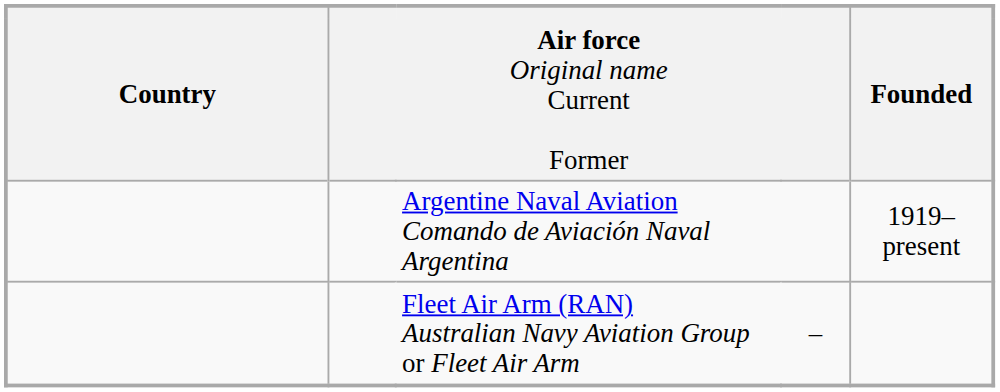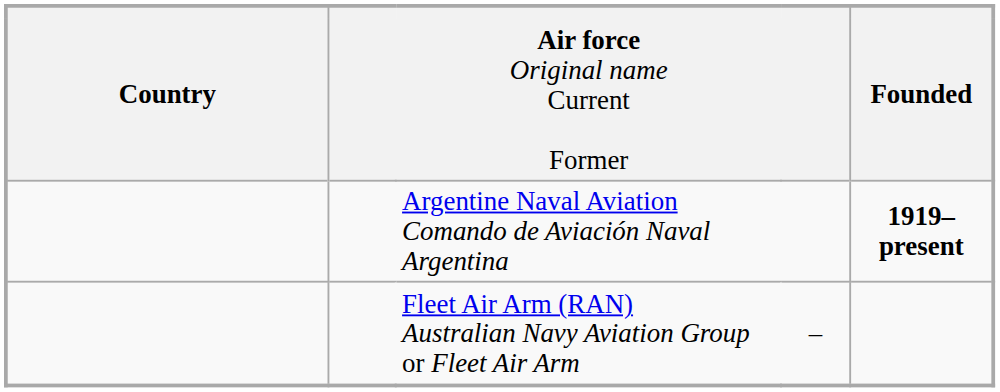 <table width="85%" class="wikitable" style="border:2px solid darkgrey; line-height:12pt; font-size:90%;">
 <tr>
 <th rowspan="2" style="width:165px; border-bottom:none;">Country</th>
 <th style="width:30px; border-bottom:none; border-right:none;"></th>
 <th style="border-bottom:none; border-left:none; border-right:none;"></th>
 <th style="width:30px; border-bottom:none; border-left:none;"></th>
 <th rowspan="2" style="width:70px; border-bottom:none;">Founded</th>
 </tr>
 <tr>
 <th colspan="3" style="border-top:none;font-weight:normal;"><strong>Air force</strong><br><em>Original name</em><div>Current</div><br><div>Former</div></th>
 </tr>
 <tr ------------------------------------------------------style="border-top:solid #aaa 2px">
 <td></td>
 <td style="border-right:solid #f9f9f9 1px"></td>
 <td align="left" style="border-right:solid #f9f9f9 1px"><a href='#'>Argentine Naval Aviation</a><br><em>Comando de Aviación Naval Argentina</em></td>
 <td></td>
-<td align="center">1919–present</td>
+<td align="center"><strong>1919–present</strong></td>
 </tr>
 <tr ------------------------------------------------------style="border-top:solid #aaa 2px">
 <td></td>
 <td style="border-right:solid #f9f9f9 1px"></td>
 <td align="left" style="border-right:solid #f9f9f9 1px"><a href='#'>Fleet Air Arm (RAN)</a><br><em>Australian Navy Aviation Group</em> or <em>Fleet Air Arm</em></td>
 <td align="center">–</td>
 </tr>
 </table>
